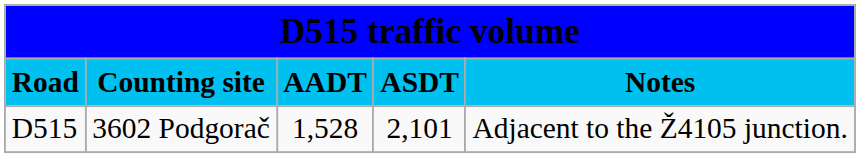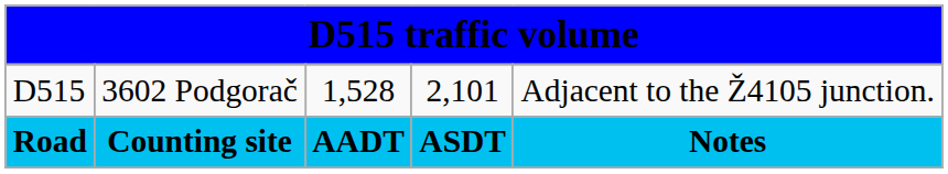 <table class="wikitable">
 <tr>
 <td colspan=5 bgcolor=blue align=center style=margin-top:15><span><big><strong>D515 traffic volume</strong></big></span></td>
+</tr>
+<tr>
+<td> D515</td>
+<td>3602 Podgorač</td>
+<td align=center>1,528</td>
+<td align=center>2,101</td>
+<td>Adjacent to the Ž4105 junction.</td>
 </tr>
 <tr>
 <td align=center bgcolor=00c0f0><strong>Road</strong></td>
 <td align=center bgcolor=00c0f0><strong>Counting site</strong></td>
 <td align=center bgcolor=00c0f0><strong>AADT</strong></td>
 <td align=center bgcolor=00c0f0><strong>ASDT</strong></td>
 <td align=center bgcolor=00c0f0><strong>Notes</strong></td>
 </tr>
-<tr>
-<td> D515</td>
-<td>3602 Podgorač</td>
-<td align=center>1,528</td>
-<td align=center>2,101</td>
-<td>Adjacent to the Ž4105 junction.</td>
-</tr>
 </table>
